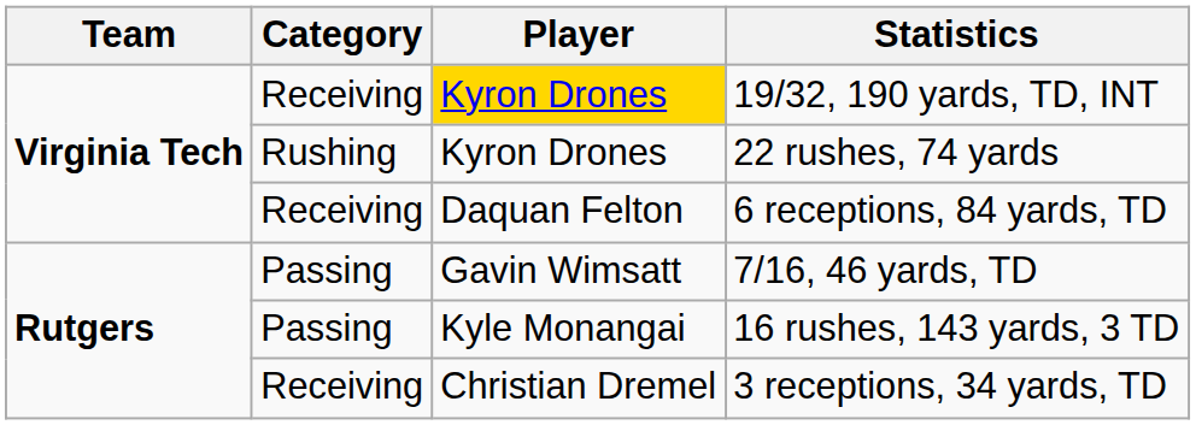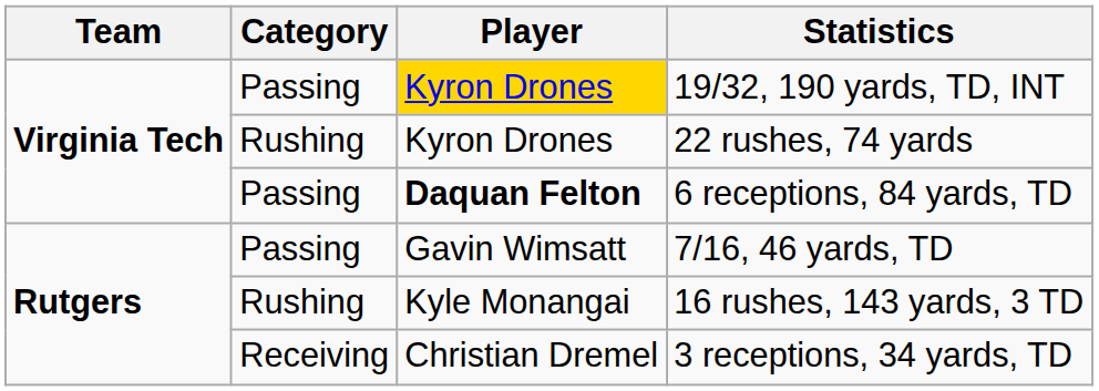 <table class="wikitable" style="float: left;">
 <tr>
 <th>Team</th>
 <th>Category</th>
 <th>Player</th>
 <th>Statistics</th>
 </tr>
 <tr>
 <td rowspan=3><strong>Virginia Tech</strong></td>
-<td>Receiving</td>
+<td>Passing</td>
 <td style="background: gold;"><a href='#'>Kyron Drones</a></td>
 <td>19/32, 190 yards, TD, INT</td>
 </tr>
 <tr>
 <td>Rushing</td>
 <td>Kyron Drones</td>
 <td>22 rushes, 74 yards</td>
 </tr>
 <tr>
-<td>Receiving</td>
-<td>Daquan Felton</td>
+<td>Passing</td>
+<td><strong>Daquan Felton</strong></td>
 <td>6 receptions, 84 yards, TD</td>
 </tr>
 <tr>
 <td rowspan=3><strong>Rutgers</strong></td>
 <td>Passing</td>
 <td>Gavin Wimsatt</td>
 <td>7/16, 46 yards, TD</td>
 </tr>
 <tr>
-<td>Passing</td>
+<td>Rushing</td>
 <td>Kyle Monangai</td>
 <td>16 rushes, 143 yards, 3 TD</td>
 </tr>
 <tr>
 <td>Receiving</td>
 <td>Christian Dremel</td>
 <td>3 receptions, 34 yards, TD</td>
 </tr>
 </table>
